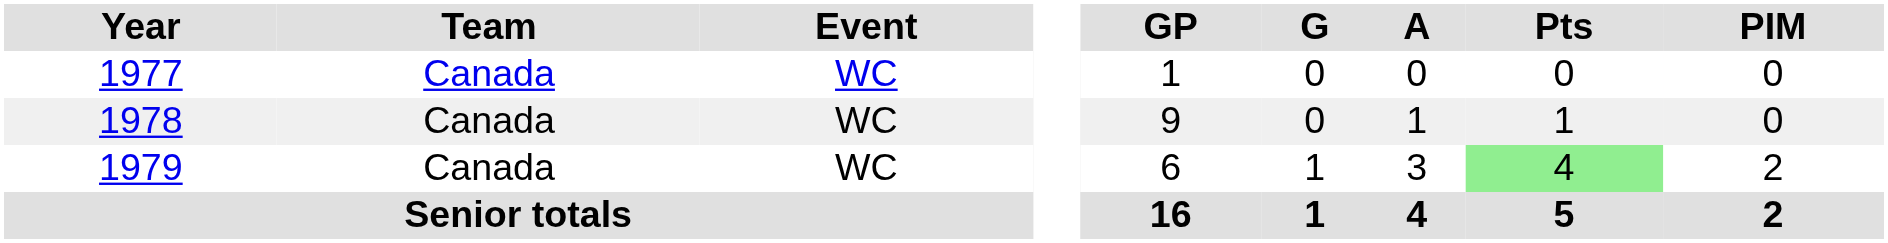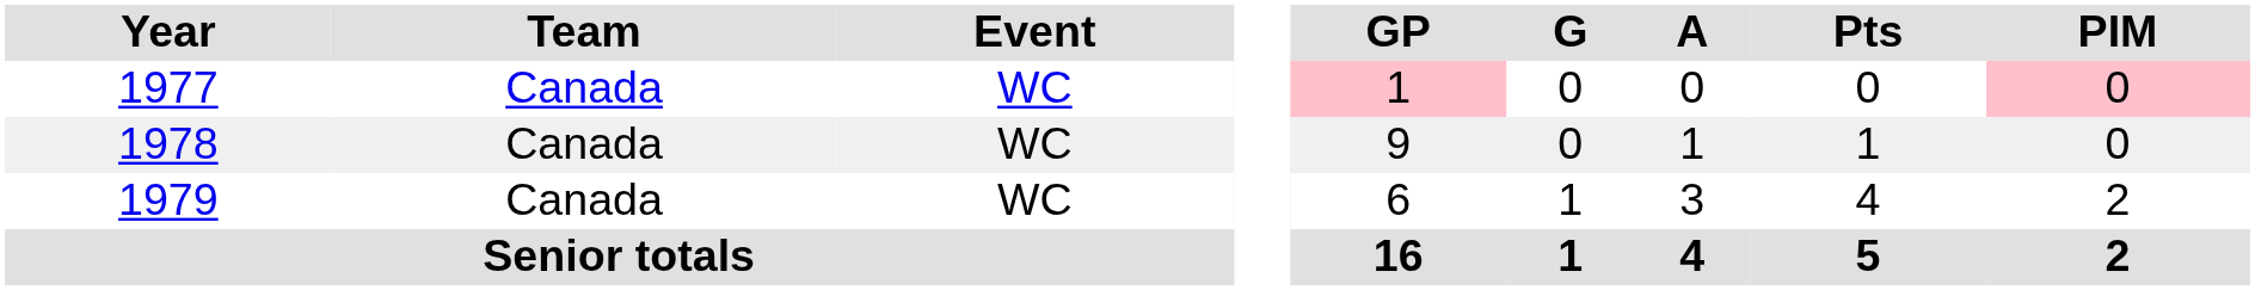 <table border="0" cellpadding="1" cellspacing="0" style="text-align:center; width:50em">
 <tr ALIGN="center" bgcolor="#e0e0e0">
 <th>Year</th>
 <th>Team</th>
 <th>Event</th>
 <th rowspan="99" bgcolor="#ffffff"> </th>
 <th>GP</th>
 <th>G</th>
 <th>A</th>
 <th>Pts</th>
 <th>PIM</th>
 </tr>
 <tr>
 <td><a href='#'>1977</a></td>
 <td><a href='#'>Canada</a></td>
 <td><a href='#'>WC</a></td>
-<td>1</td>
+<td style="background: pink;">1</td>
 <td>0</td>
 <td>0</td>
 <td>0</td>
-<td>0</td>
+<td style="background: pink;">0</td>
 </tr>
 <tr bgcolor="#f0f0f0">
 <td><a href='#'>1978</a></td>
 <td>Canada</td>
 <td>WC</td>
 <td>9</td>
 <td>0</td>
 <td>1</td>
 <td>1</td>
 <td>0</td>
 </tr>
 <tr>
 <td><a href='#'>1979</a></td>
 <td>Canada</td>
 <td>WC</td>
 <td>6</td>
 <td>1</td>
 <td>3</td>
-<td style="background: lightgreen;">4</td>
+<td>4</td>
 <td>2</td>
 </tr>
 <tr bgcolor="#e0e0e0">
 <th colspan=3>Senior totals</th>
 <th>16</th>
 <th>1</th>
 <th>4</th>
 <th>5</th>
 <th>2</th>
 </tr>
 </table>
